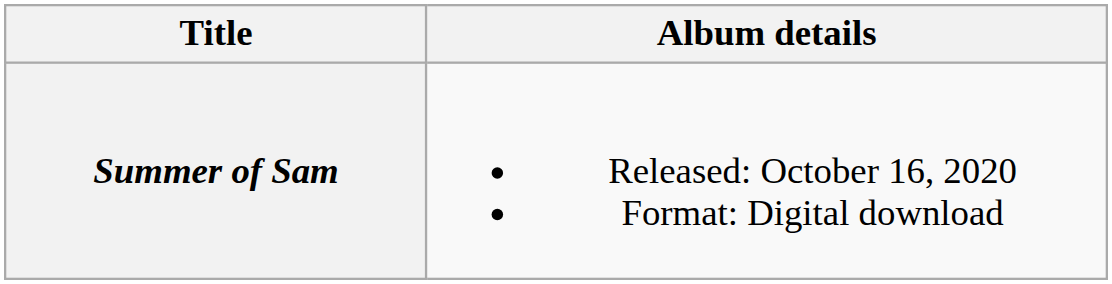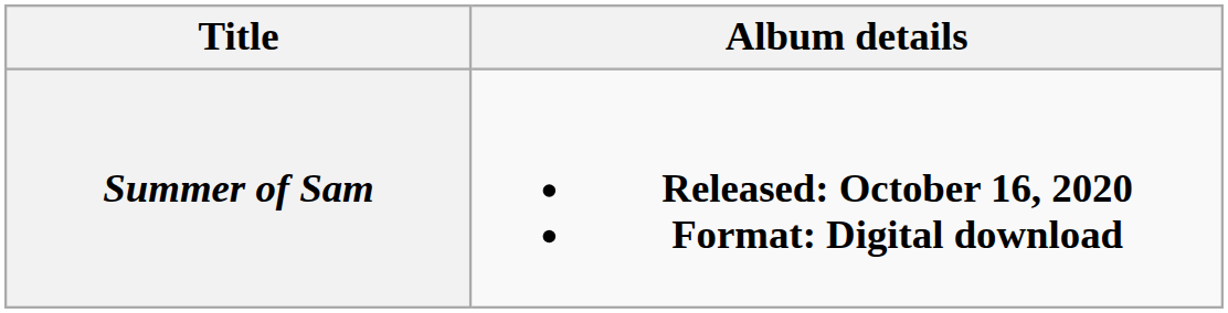 <table class="wikitable plainrowheaders" style="text-align:center;">
 <tr>
 <th scope="col" style="width:11em;">Title</th>
 <th scope="col" style="width:18em;">Album details</th>
 </tr>
 <tr>
 <th scope="row"><em>Summer of Sam</em></th>
-<td><br><ul><li>Released: October 16, 2020</li><li>Format: Digital download</li></ul></td>
+<td><strong><br><ul><li>Released: October 16, 2020</li><li>Format: Digital download</li></ul></strong></td>
 </tr>
 </table>
